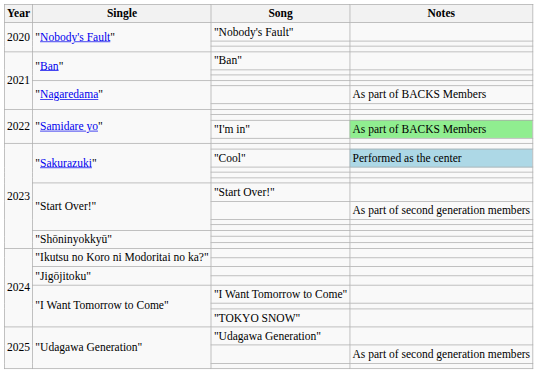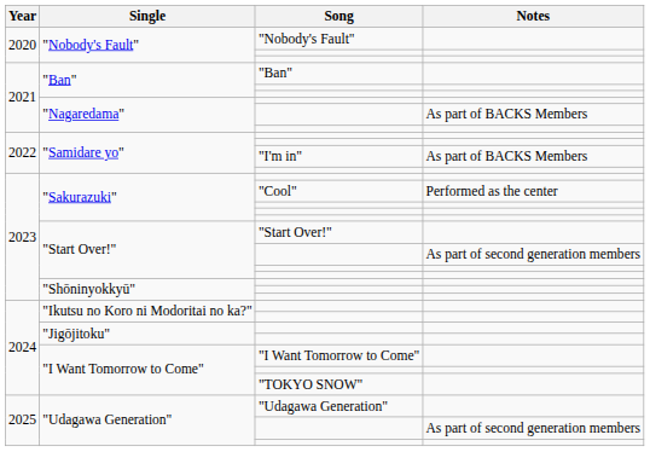 <table class="wikitable">
 <tr>
 <th>Year</th>
 <th>Single</th>
 <th>Song</th>
 <th>Notes</th>
 </tr>
 <tr>
 <td rowspan="3">2020</td>
 <td rowspan="3">"<a href='#'>Nobody's Fault</a>"</td>
 <td>"Nobody's Fault"</td>
 <td></td>
 </tr>
 <tr>
 <td></td>
 <td></td>
 </tr>
 <tr>
 <td></td>
 <td></td>
 </tr>
 <tr>
 <td rowspan="6">2021</td>
 <td rowspan="3">"<a href='#'>Ban</a>"</td>
 <td>"Ban"</td>
 <td></td>
 </tr>
 <tr>
 <td></td>
 <td></td>
 </tr>
 <tr>
 <td></td>
 <td></td>
 </tr>
 <tr>
 <td rowspan="3">"<a href='#'>Nagaredama</a>"</td>
 <td></td>
 <td></td>
 </tr>
 <tr>
 <td></td>
 <td>As part of BACKS Members</td>
 </tr>
 <tr>
 <td></td>
 <td></td>
 </tr>
 <tr>
 <td rowspan="4">2022</td>
 <td rowspan="4">"<a href='#'>Samidare yo</a>"</td>
 <td></td>
 <td></td>
 </tr>
 <tr>
 <td></td>
 <td></td>
 </tr>
 <tr>
 <td>"I'm in"</td>
-<td style="background: lightgreen;">As part of BACKS Members</td>
+<td>As part of BACKS Members</td>
 </tr>
 <tr>
 <td></td>
 <td></td>
 </tr>
 <tr>
 <td rowspan="12">2023</td>
 <td rowspan="5">"<a href='#'>Sakurazuki</a>"</td>
 <td></td>
 <td></td>
 </tr>
 <tr>
 <td>"Cool"</td>
-<td style="background: lightblue;">Performed as the center</td>
+<td>Performed as the center</td>
 </tr>
 <tr>
 <td></td>
 <td></td>
 </tr>
 <tr>
 <td></td>
 <td></td>
 </tr>
 <tr>
 <td></td>
 <td></td>
 </tr>
 <tr>
 <td rowspan="4">"Start Over!"</td>
 <td>"Start Over!"</td>
 <td></td>
 </tr>
 <tr>
 <td></td>
 <td>As part of second generation members</td>
 </tr>
 <tr>
 <td></td>
 <td></td>
 </tr>
 <tr>
 <td></td>
 <td></td>
 </tr>
 <tr>
 <td rowspan="3">"Shōninyokkyū"</td>
 <td></td>
 <td></td>
 </tr>
 <tr>
 <td></td>
 <td></td>
 </tr>
 <tr>
 <td></td>
 <td></td>
 </tr>
 <tr>
 <td rowspan="7">2024</td>
 <td rowspan="2">"Ikutsu no Koro ni Modoritai no ka?"</td>
 <td></td>
 <td></td>
 </tr>
 <tr>
 <td></td>
 <td></td>
 </tr>
 <tr>
 <td rowspan="2">"Jigōjitoku"</td>
 <td></td>
 <td></td>
 </tr>
 <tr>
 <td></td>
 <td></td>
 </tr>
 <tr>
 <td rowspan="3">"I Want Tomorrow to Come"</td>
 <td>"I Want Tomorrow to Come"</td>
 <td></td>
 </tr>
 <tr>
 <td></td>
 <td></td>
 </tr>
 <tr>
 <td>"TOKYO SNOW"</td>
 <td></td>
 </tr>
 <tr>
 <td rowspan="3">2025</td>
 <td rowspan="3">"Udagawa Generation"</td>
 <td>"Udagawa Generation"</td>
 <td></td>
 </tr>
 <tr>
 <td></td>
 <td>As part of second generation members</td>
 </tr>
 <tr>
 <td></td>
 <td></td>
 </tr>
 </table>
